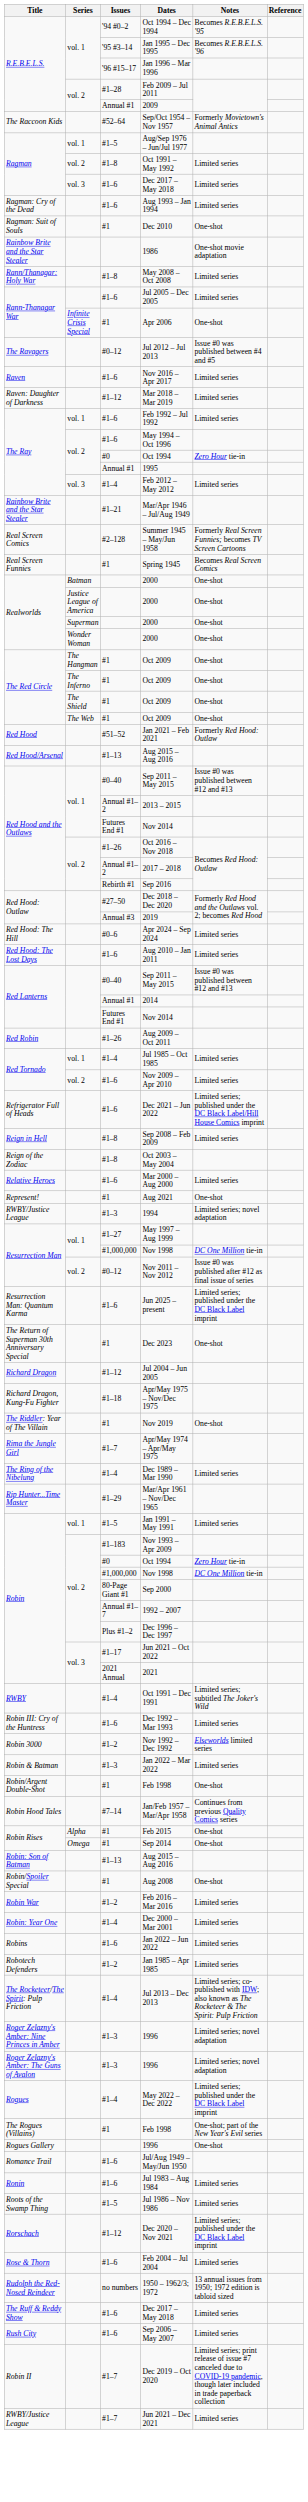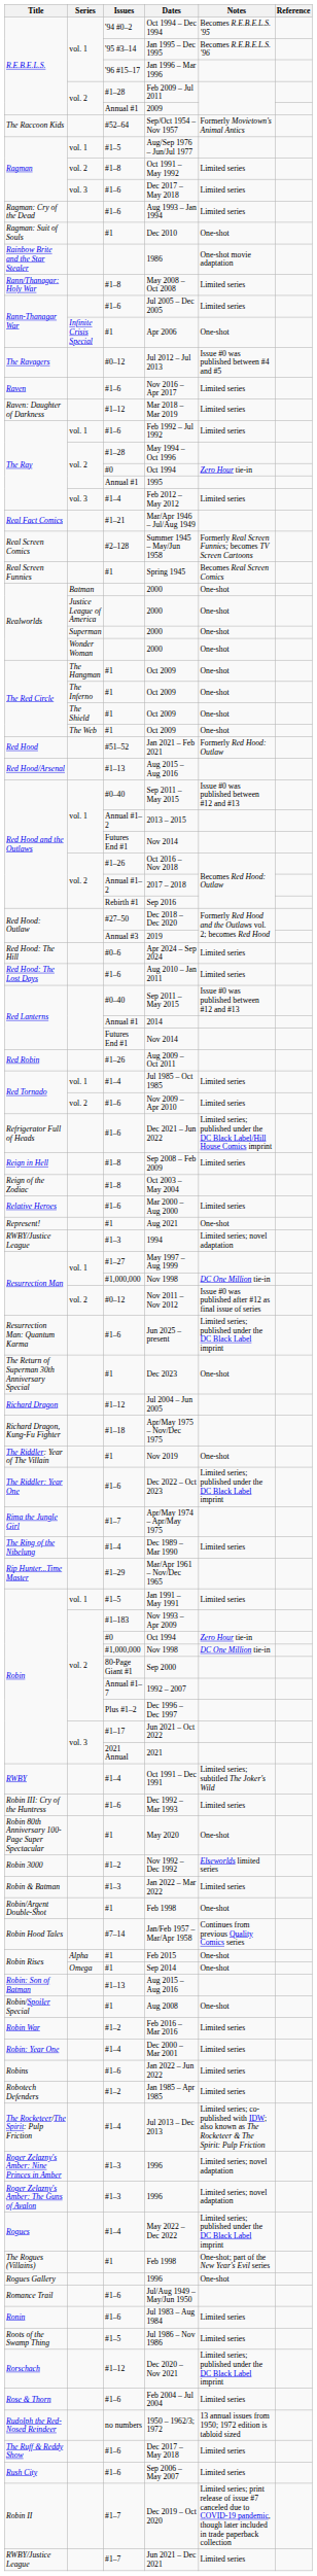 <table class="wikitable" style="width:100%;">
 <tr>
 <th width=22%>Title</th>
 <th width=10%>Series</th>
 <th width=14%>Issues</th>
 <th width=22%>Dates</th>
 <th width=32%>Notes</th>
 <th>Reference</th>
 </tr>
 <tr>
 <td rowspan="5"><em><a href='#'>R.E.B.E.L.S.</a></em></td>
 <td rowspan="3">vol. 1</td>
 <td>'94 #0–2</td>
 <td>Oct 1994 – Dec 1994</td>
 <td>Becomes <em>R.E.B.E.L.S. '95</em></td>
 <td></td>
 </tr>
 <tr>
 <td>'95 #3–14</td>
 <td>Jan 1995 – Dec 1995</td>
 <td>Becomes <em>R.E.B.E.L.S. '96</em></td>
 <td></td>
 </tr>
 <tr>
 <td>'96 #15–17</td>
 <td>Jan 1996 – Mar 1996</td>
 <td></td>
 <td></td>
 </tr>
 <tr>
 <td rowspan="2">vol. 2</td>
 <td>#1–28</td>
 <td>Feb 2009 – Jul 2011</td>
 <td rowspan="2"></td>
 <td></td>
 </tr>
 <tr>
 <td>Annual #1</td>
 <td>2009</td>
 <td></td>
 </tr>
 <tr>
 <td><em>The Raccoon Kids</em></td>
 <td></td>
 <td>#52–64</td>
 <td>Sep/Oct 1954 – Nov 1957</td>
 <td>Formerly <em>Movietown's Animal Antics</em></td>
 <td></td>
 </tr>
 <tr>
 <td rowspan="3"><em><a href='#'>Ragman</a></em></td>
 <td>vol. 1</td>
 <td>#1–5</td>
 <td>Aug/Sep 1976 – Jun/Jul 1977</td>
 <td></td>
 <td></td>
 </tr>
 <tr>
 <td>vol. 2</td>
 <td>#1–8</td>
 <td>Oct 1991 – May 1992</td>
 <td>Limited series</td>
 <td></td>
 </tr>
 <tr>
 <td>vol. 3</td>
 <td>#1–6</td>
 <td>Dec 2017 – May 2018</td>
 <td>Limited series</td>
 <td></td>
 </tr>
 <tr>
 <td><em>Ragman: Cry of the Dead</em></td>
 <td></td>
 <td>#1–6</td>
 <td>Aug 1993 – Jan 1994</td>
 <td>Limited series</td>
 <td></td>
 </tr>
 <tr>
 <td><em>Ragman: Suit of Souls</em></td>
 <td></td>
 <td>#1</td>
 <td>Dec 2010</td>
 <td>One-shot</td>
 <td></td>
 </tr>
 <tr>
 <td><em><a href='#'>Rainbow Brite and the Star Stealer</a></em></td>
 <td></td>
 <td></td>
 <td>1986</td>
 <td>One-shot movie adaptation</td>
 <td></td>
 </tr>
 <tr>
 <td><em><a href='#'>Rann/Thanagar: Holy War</a></em></td>
 <td></td>
 <td>#1–8</td>
 <td>May 2008 – Oct 2008</td>
 <td>Limited series</td>
 <td></td>
 </tr>
 <tr>
 <td rowspan="2"><em><a href='#'>Rann-Thanagar War</a></em></td>
 <td></td>
 <td>#1–6</td>
 <td>Jul 2005 – Dec 2005</td>
 <td>Limited series</td>
 <td></td>
 </tr>
 <tr>
 <td><em><a href='#'>Infinite Crisis Special</a></em></td>
 <td>#1</td>
 <td>Apr 2006</td>
 <td>One-shot</td>
 <td></td>
 </tr>
 <tr>
 <td><em><a href='#'>The Ravagers</a></em></td>
 <td></td>
 <td>#0–12</td>
 <td>Jul 2012 – Jul 2013</td>
 <td>Issue #0 was published between #4 and #5</td>
 <td></td>
 </tr>
 <tr>
 <td><em><a href='#'>Raven</a></em></td>
 <td></td>
 <td>#1–6</td>
 <td>Nov 2016 – Apr 2017</td>
 <td>Limited series</td>
 <td></td>
 </tr>
 <tr>
 <td><em>Raven: Daughter of Darkness</em></td>
 <td></td>
 <td>#1–12</td>
 <td>Mar 2018 – Mar 2019</td>
 <td>Limited series</td>
 <td></td>
 </tr>
 <tr>
 <td rowspan="5"><em><a href='#'>The Ray</a></em></td>
 <td>vol. 1</td>
 <td>#1–6</td>
 <td>Feb 1992 – Jul 1992</td>
 <td>Limited series</td>
 <td></td>
 </tr>
 <tr>
 <td rowspan="3">vol. 2</td>
-<td>#1–6</td>
+<td>#1–28</td>
 <td>May 1994 – Oct 1996</td>
 <td></td>
 <td></td>
 </tr>
 <tr>
 <td>#0</td>
 <td>Oct 1994</td>
 <td><em><a href='#'>Zero Hour</a></em> tie-in</td>
 <td></td>
 </tr>
 <tr>
 <td>Annual #1</td>
 <td>1995</td>
 <td></td>
 <td></td>
 </tr>
 <tr>
 <td>vol. 3</td>
 <td>#1–4</td>
 <td>Feb 2012 – May 2012</td>
 <td>Limited series</td>
 <td></td>
 </tr>
 <tr>
-<td><em><a href='#'>Rainbow Brite and the Star Stealer</a></em></td>
+<td><em><a href='#'>Real Fact Comics</a></em></td>
 <td></td>
 <td>#1–21</td>
 <td>Mar/Apr 1946 – Jul/Aug 1949</td>
 <td></td>
 <td></td>
 </tr>
 <tr>
 <td><em>Real Screen Comics</em></td>
 <td></td>
 <td>#2–128</td>
 <td>Summer 1945 – May/Jun 1958</td>
 <td>Formerly <em>Real Screen Funnies;</em> becomes <em>TV Screen Cartoons</em></td>
 <td></td>
 </tr>
 <tr>
 <td><em>Real Screen Funnies</em></td>
 <td></td>
 <td>#1</td>
 <td>Spring 1945</td>
 <td>Becomes <em>Real Screen Comics</em></td>
 <td></td>
 </tr>
 <tr>
 <td rowspan="4"><em>Realworlds</em></td>
 <td><em>Batman</em></td>
 <td></td>
 <td>2000</td>
 <td>One-shot</td>
 <td></td>
 </tr>
 <tr>
 <td><em>Justice League of America</em></td>
 <td></td>
 <td>2000</td>
 <td>One-shot</td>
 <td></td>
 </tr>
 <tr>
 <td><em>Superman</em></td>
 <td></td>
 <td>2000</td>
 <td>One-shot</td>
 <td></td>
 </tr>
 <tr>
 <td><em>Wonder Woman</em></td>
 <td></td>
 <td>2000</td>
 <td>One-shot</td>
 <td></td>
 </tr>
 <tr>
 <td rowspan="4"><em><a href='#'>The Red Circle</a></em></td>
 <td><em>The Hangman</em></td>
 <td>#1</td>
 <td>Oct 2009</td>
 <td>One-shot</td>
 <td></td>
 </tr>
 <tr>
 <td><em>The Inferno</em></td>
 <td>#1</td>
 <td>Oct 2009</td>
 <td>One-shot</td>
 <td></td>
 </tr>
 <tr>
 <td><em>The Shield</em></td>
 <td>#1</td>
 <td>Oct 2009</td>
 <td>One-shot</td>
 <td></td>
 </tr>
 <tr>
 <td><em>The Web</em></td>
 <td>#1</td>
 <td>Oct 2009</td>
 <td>One-shot</td>
 <td></td>
 </tr>
 <tr>
 <td><em><a href='#'>Red Hood</a></em></td>
 <td></td>
 <td>#51–52</td>
 <td>Jan 2021 – Feb 2021</td>
 <td>Formerly <em>Red Hood: Outlaw</em></td>
 <td></td>
 </tr>
 <tr>
 <td><em><a href='#'>Red Hood/Arsenal</a></em></td>
 <td></td>
 <td>#1–13</td>
 <td>Aug 2015 – Aug 2016</td>
 <td></td>
 <td></td>
 </tr>
 <tr>
 <td rowspan="6"><em><a href='#'>Red Hood and the Outlaws</a></em></td>
 <td rowspan="3">vol. 1</td>
 <td>#0–40</td>
 <td>Sep 2011 – May 2015</td>
 <td>Issue #0 was published between #12 and #13</td>
 <td></td>
 </tr>
 <tr>
 <td>Annual #1–2</td>
 <td>2013 – 2015</td>
 <td></td>
 <td></td>
 </tr>
 <tr>
 <td>Futures End #1</td>
 <td>Nov 2014</td>
 <td></td>
 <td></td>
 </tr>
 <tr>
 <td rowspan="3">vol. 2</td>
 <td>#1–26</td>
 <td>Oct 2016 – Nov 2018</td>
 <td rowspan="3">Becomes <em>Red Hood: Outlaw</em></td>
 <td></td>
 </tr>
 <tr>
 <td>Annual #1–2</td>
 <td>2017 – 2018</td>
 <td></td>
 </tr>
 <tr>
 <td>Rebirth #1</td>
 <td>Sep 2016</td>
 <td></td>
 </tr>
 <tr>
 <td rowspan="2"><em>Red Hood: Outlaw</em></td>
 <td rowspan="2"></td>
 <td>#27–50</td>
 <td>Dec 2018 – Dec 2020</td>
 <td rowspan="2">Formerly <em>Red Hood and the Outlaws</em> vol. 2; becomes <em>Red Hood</em></td>
 <td></td>
 </tr>
 <tr>
 <td>Annual #3</td>
 <td>2019</td>
 <td></td>
 </tr>
 <tr>
 <td><em>Red Hood: The Hill</em></td>
 <td></td>
 <td>#0–6</td>
 <td>Apr 2024 – Sep 2024</td>
 <td>Limited series</td>
 <td></td>
 </tr>
 <tr>
 <td><em><a href='#'>Red Hood: The Lost Days</a></em></td>
 <td></td>
 <td>#1–6</td>
 <td>Aug 2010 – Jan 2011</td>
 <td>Limited series</td>
 <td></td>
 </tr>
 <tr>
 <td rowspan="3"><em><a href='#'>Red Lanterns</a></em></td>
 <td rowspan="3"></td>
 <td>#0–40</td>
 <td>Sep 2011 – May 2015</td>
 <td>Issue #0 was published between #12 and #13</td>
 <td></td>
 </tr>
 <tr>
 <td>Annual #1</td>
 <td>2014</td>
 <td></td>
 <td></td>
 </tr>
 <tr>
 <td>Futures End #1</td>
 <td>Nov 2014</td>
 <td></td>
 <td></td>
 </tr>
 <tr>
 <td><em><a href='#'>Red Robin</a></em></td>
 <td></td>
 <td>#1–26</td>
 <td>Aug 2009 – Oct 2011</td>
 <td></td>
 <td></td>
 </tr>
 <tr>
 <td rowspan="2"><em><a href='#'>Red Tornado</a></em></td>
 <td>vol. 1</td>
 <td>#1–4</td>
 <td>Jul 1985 – Oct 1985</td>
 <td>Limited series</td>
 <td></td>
 </tr>
 <tr>
 <td>vol. 2</td>
 <td>#1–6</td>
 <td>Nov 2009 – Apr 2010</td>
 <td>Limited series</td>
 <td></td>
 </tr>
 <tr>
 <td><em>Refrigerator Full of Heads</em></td>
 <td></td>
 <td>#1–6</td>
 <td>Dec 2021 – Jun 2022</td>
 <td>Limited series; published under the <a href='#'>DC Black Label/Hill House Comics</a> imprint</td>
 <td></td>
 </tr>
 <tr>
 <td><em><a href='#'>Reign in Hell</a></em></td>
 <td></td>
 <td>#1–8</td>
 <td>Sep 2008 – Feb 2009</td>
 <td>Limited series</td>
 <td></td>
 </tr>
 <tr>
 <td><em>Reign of the Zodiac</em></td>
 <td></td>
 <td>#1–8</td>
 <td>Oct 2003 – May 2004</td>
 <td></td>
 <td></td>
 </tr>
 <tr>
 <td><em><a href='#'>Relative Heroes</a></em></td>
 <td></td>
 <td>#1–6</td>
 <td>Mar 2000 – Aug 2000</td>
 <td>Limited series</td>
 <td></td>
 </tr>
 <tr>
 <td><em>Represent!</em></td>
 <td></td>
 <td>#1</td>
 <td>Aug 2021</td>
 <td>One-shot</td>
 <td></td>
 </tr>
 <tr>
 <td><em>RWBY/Justice League</em></td>
 <td></td>
 <td>#1–3</td>
 <td>1994</td>
 <td>Limited series; novel adaptation</td>
 <td></td>
 </tr>
 <tr>
 <td rowspan="3"><em><a href='#'>Resurrection Man</a></em></td>
 <td rowspan="2">vol. 1</td>
 <td>#1–27</td>
 <td>May 1997 – Aug 1999</td>
 <td></td>
 <td></td>
 </tr>
 <tr>
 <td>#1,000,000</td>
 <td>Nov 1998</td>
 <td><em><a href='#'>DC One Million</a></em> tie-in</td>
 <td></td>
 </tr>
 <tr>
 <td>vol. 2</td>
 <td>#0–12</td>
 <td>Nov 2011 – Nov 2012</td>
 <td>Issue #0 was published after #12 as final issue of series</td>
 <td></td>
 </tr>
 <tr>
 <td><em>Resurrection Man: Quantum Karma</em></td>
 <td></td>
 <td>#1–6</td>
 <td>Jun 2025 – present</td>
 <td>Limited series; published under the <a href='#'>DC Black Label</a> imprint</td>
 <td></td>
 </tr>
 <tr>
 <td><em>The Return of Superman 30th Anniversary Special</em></td>
 <td></td>
 <td>#1</td>
 <td>Dec 2023</td>
 <td>One-shot</td>
 <td></td>
 </tr>
 <tr>
 <td><em><a href='#'>Richard Dragon</a></em></td>
 <td></td>
 <td>#1–12</td>
 <td>Jul 2004 – Jun 2005</td>
 <td></td>
 <td></td>
 </tr>
 <tr>
 <td><em>Richard Dragon, Kung-Fu Fighter</em></td>
 <td></td>
 <td>#1–18</td>
 <td>Apr/May 1975 – Nov/Dec 1975</td>
 <td></td>
 <td></td>
 </tr>
 <tr>
 <td><em><a href='#'>The Riddler</a>: Year of The Villain</em></td>
 <td></td>
 <td>#1</td>
 <td>Nov 2019</td>
 <td>One-shot</td>
 <td></td>
 </tr>
 <tr>
+<td><em><a href='#'>The Riddler: Year One</a></em></td>
+<td></td>
+<td>#1–6</td>
+<td>Dec 2022 – Oct 2023</td>
+<td>Limited series; published under the <a href='#'>DC Black Label</a> imprint</td>
+<td></td>
+</tr>
+<tr>
 <td><em><a href='#'>Rima the Jungle Girl</a></em></td>
 <td></td>
 <td>#1–7</td>
 <td>Apr/May 1974 – Apr/May 1975</td>
 <td></td>
 <td></td>
 </tr>
 <tr>
 <td><em><a href='#'>The Ring of the Nibelung</a></em></td>
 <td></td>
 <td>#1–4</td>
 <td>Dec 1989 – Mar 1990</td>
 <td>Limited series</td>
 <td></td>
 </tr>
 <tr>
 <td><em><a href='#'>Rip Hunter...Time Master</a></em></td>
 <td></td>
 <td>#1–29</td>
 <td>Mar/Apr 1961 – Nov/Dec 1965</td>
 <td></td>
 <td></td>
 </tr>
 <tr>
 <td rowspan="9"><em><a href='#'>Robin</a></em></td>
 <td>vol. 1</td>
 <td>#1–5</td>
 <td>Jan 1991 – May 1991</td>
 <td>Limited series</td>
 <td></td>
 </tr>
 <tr>
 <td rowspan="6">vol. 2</td>
 <td>#1–183</td>
 <td>Nov 1993 – Apr 2009</td>
 <td></td>
 <td></td>
 </tr>
 <tr>
 <td>#0</td>
 <td>Oct 1994</td>
 <td><em><a href='#'>Zero Hour</a></em> tie-in</td>
 <td></td>
 </tr>
 <tr>
 <td>#1,000,000</td>
 <td>Nov 1998</td>
 <td><em><a href='#'>DC One Million</a></em> tie-in</td>
 <td></td>
 </tr>
 <tr>
 <td>80-Page Giant #1</td>
 <td>Sep 2000</td>
 <td></td>
 <td></td>
 </tr>
 <tr>
 <td>Annual #1–7</td>
 <td>1992 – 2007</td>
 <td></td>
 <td></td>
 </tr>
 <tr>
 <td>Plus #1–2</td>
 <td>Dec 1996 – Dec 1997</td>
 <td></td>
 <td></td>
 </tr>
 <tr>
 <td rowspan="2">vol. 3</td>
 <td>#1–17</td>
 <td>Jun 2021 – Oct 2022</td>
 <td></td>
 <td></td>
 </tr>
 <tr>
 <td>2021 Annual</td>
 <td>2021</td>
 <td></td>
 <td></td>
 </tr>
 <tr>
 <td><em><a href='#'>RWBY</a></em></td>
 <td></td>
 <td>#1–4</td>
 <td>Oct 1991 – Dec 1991</td>
 <td>Limited series; subtitled <em>The Joker's Wild</em></td>
 <td></td>
 </tr>
 <tr>
 <td><em>Robin III: Cry of the Huntress</em></td>
 <td></td>
 <td>#1–6</td>
 <td>Dec 1992 – Mar 1993</td>
 <td>Limited series</td>
+<td></td>
+</tr>
+<tr>
+<td><em>Robin 80th Anniversary 100-Page Super Spectacular</em></td>
+<td></td>
+<td>#1</td>
+<td>May 2020</td>
+<td>One-shot</td>
 <td></td>
 </tr>
 <tr>
 <td><em>Robin 3000</em></td>
 <td></td>
 <td>#1–2</td>
 <td>Nov 1992 – Dec 1992</td>
 <td><em><a href='#'>Elseworlds</a></em> limited series</td>
 <td></td>
 </tr>
 <tr>
 <td><em>Robin & Batman</em></td>
 <td></td>
 <td>#1–3</td>
 <td>Jan 2022 – Mar 2022</td>
 <td>Limited series</td>
 <td></td>
 </tr>
 <tr>
 <td><em>Robin/Argent Double-Shot</em></td>
 <td></td>
 <td>#1</td>
 <td>Feb 1998</td>
 <td>One-shot</td>
 <td></td>
 </tr>
 <tr>
 <td><em>Robin Hood Tales</em></td>
 <td></td>
 <td>#7–14</td>
 <td>Jan/Feb 1957 – Mar/Apr 1958</td>
 <td>Continues from previous <a href='#'>Quality Comics</a> series</td>
 <td></td>
 </tr>
 <tr>
 <td rowspan="2"><em>Robin Rises</em></td>
 <td><em>Alpha</em></td>
 <td>#1</td>
 <td>Feb 2015</td>
 <td>One-shot</td>
 <td></td>
 </tr>
 <tr>
 <td><em>Omega</em></td>
 <td>#1</td>
 <td>Sep 2014</td>
 <td>One-shot</td>
 <td></td>
 </tr>
 <tr>
 <td><em><a href='#'>Robin: Son of Batman</a></em></td>
 <td></td>
 <td>#1–13</td>
 <td>Aug 2015 – Aug 2016</td>
 <td></td>
 <td></td>
 </tr>
 <tr>
 <td><em>Robin/<a href='#'>Spoiler</a> Special</em></td>
 <td></td>
 <td>#1</td>
 <td>Aug 2008</td>
 <td>One-shot</td>
 <td></td>
 </tr>
 <tr>
 <td><em><a href='#'>Robin War</a></em></td>
 <td></td>
 <td>#1–2</td>
 <td>Feb 2016 – Mar 2016</td>
 <td>Limited series</td>
 <td></td>
 </tr>
 <tr>
 <td><em><a href='#'>Robin: Year One</a></em></td>
 <td></td>
 <td>#1–4</td>
 <td>Dec 2000 – Mar 2001</td>
 <td>Limited series</td>
 <td></td>
 </tr>
 <tr>
 <td><em>Robins</em></td>
 <td></td>
 <td>#1–6</td>
 <td>Jan 2022 – Jun 2022</td>
 <td>Limited series</td>
 <td></td>
 </tr>
 <tr>
 <td><em>Robotech Defenders</em></td>
 <td></td>
 <td>#1–2</td>
 <td>Jan 1985 – Apr 1985</td>
 <td>Limited series</td>
 <td></td>
 </tr>
 <tr>
 <td><em><a href='#'>The Rocketeer</a>/<a href='#'>The Spirit</a>: Pulp Friction</em></td>
 <td></td>
 <td>#1–4</td>
 <td>Jul 2013 – Dec 2013</td>
 <td>Limited series; co-published with <a href='#'>IDW</a>; also known as <em>The Rocketeer & The Spirit: Pulp Friction</em></td>
 <td></td>
 </tr>
 <tr>
 <td><em><a href='#'>Roger Zelazny's Amber: Nine Princes in Amber</a></em></td>
 <td></td>
 <td>#1–3</td>
 <td>1996</td>
 <td>Limited series; novel adaptation</td>
 <td></td>
 </tr>
 <tr>
 <td><em><a href='#'>Roger Zelazny's Amber: The Guns of Avalon</a></em></td>
 <td></td>
 <td>#1–3</td>
 <td>1996</td>
 <td>Limited series; novel adaptation</td>
 <td></td>
 </tr>
 <tr>
 <td><a href='#'><em>Rogues</em></a></td>
 <td></td>
 <td>#1–4</td>
 <td>May 2022 – Dec 2022</td>
 <td>Limited series; published under the <a href='#'>DC Black Label</a> imprint</td>
 <td></td>
 </tr>
 <tr>
 <td><em>The Rogues (Villains)</em></td>
 <td></td>
 <td>#1</td>
 <td>Feb 1998</td>
 <td>One-shot; part of the <em>New Year's Evil</em> series</td>
 <td></td>
 </tr>
 <tr>
 <td><em>Rogues Gallery</em></td>
 <td></td>
 <td></td>
 <td>1996</td>
 <td>One-shot</td>
 <td></td>
 </tr>
 <tr>
 <td><em>Romance Trail</em></td>
 <td></td>
 <td>#1–6</td>
 <td>Jul/Aug 1949 – May/Jun 1950</td>
 <td></td>
 <td></td>
 </tr>
 <tr>
 <td><em><a href='#'>Ronin</a></em></td>
 <td></td>
 <td>#1–6</td>
 <td>Jul 1983 – Aug 1984</td>
 <td>Limited series</td>
 <td></td>
 </tr>
 <tr>
 <td><em>Roots of the Swamp Thing</em></td>
 <td></td>
 <td>#1–5</td>
 <td>Jul 1986 – Nov 1986</td>
 <td>Limited series</td>
 <td></td>
 </tr>
 <tr>
 <td><em><a href='#'>Rorschach</a></em></td>
 <td></td>
 <td>#1–12</td>
 <td>Dec 2020 – Nov 2021</td>
 <td>Limited series; published under the <a href='#'>DC Black Label</a> imprint</td>
 <td></td>
 </tr>
 <tr>
 <td><em><a href='#'>Rose & Thorn</a></em></td>
 <td></td>
 <td>#1–6</td>
 <td>Feb 2004 – Jul 2004</td>
 <td>Limited series</td>
 <td></td>
 </tr>
 <tr>
 <td><em><a href='#'>Rudolph the Red-Nosed Reindeer</a></em></td>
 <td></td>
 <td>no numbers</td>
 <td>1950 – 1962/3; 1972</td>
 <td>13 annual issues from 1950; 1972 edition is tabloid sized</td>
 <td></td>
 </tr>
 <tr>
 <td><em><a href='#'>The Ruff & Reddy Show</a></em></td>
 <td></td>
 <td>#1–6</td>
 <td>Dec 2017 – May 2018</td>
 <td>Limited series</td>
 <td></td>
 </tr>
 <tr>
 <td><em><a href='#'>Rush City</a></em></td>
 <td></td>
 <td>#1–6</td>
 <td>Sep 2006 – May 2007</td>
 <td>Limited series</td>
 <td></td>
 </tr>
 <tr>
 <td><em>Robin II</em></td>
 <td></td>
 <td>#1–7</td>
 <td>Dec 2019 – Oct 2020</td>
 <td>Limited series; print release of issue #7 canceled due to <a href='#'>COVID-19 pandemic</a>, though later included in trade paperback collection</td>
 <td></td>
 </tr>
 <tr>
 <td><em>RWBY/Justice League</em></td>
 <td></td>
 <td>#1–7</td>
 <td>Jun 2021 – Dec 2021</td>
 <td>Limited series</td>
 <td></td>
 </tr>
 </table>
